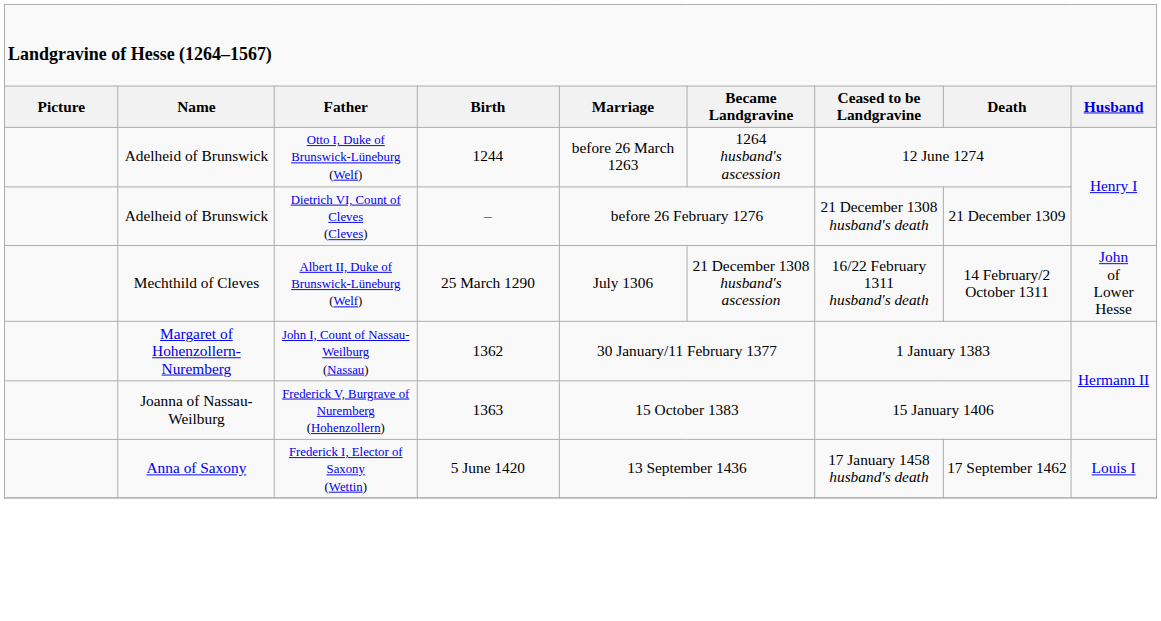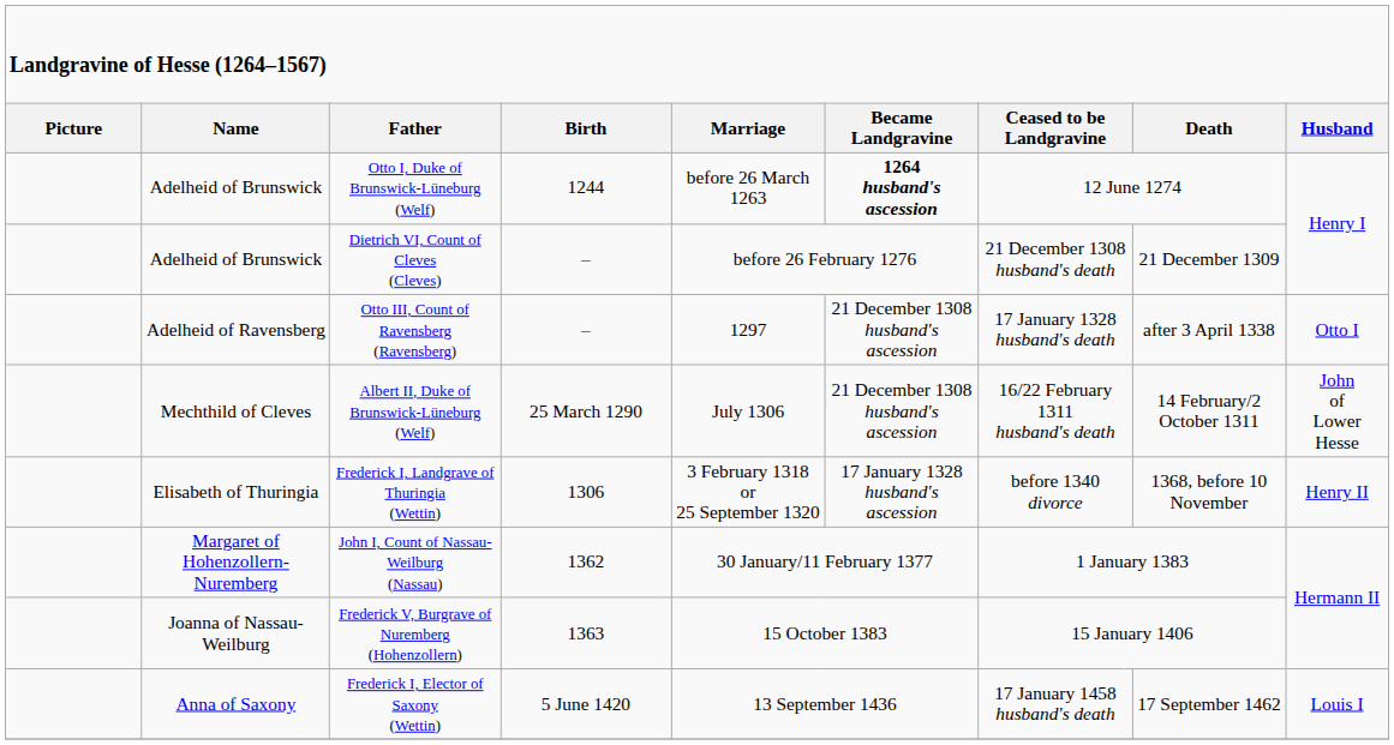 <table width=95% class="wikitable">
 <tr>
 <td colspan="9"><br><h3>Landgravine of Hesse (1264–1567)</h3></td>
 </tr>
 <tr>
 <th width = "8%">Picture</th>
 <th width = "11%">Name</th>
 <th width = "10%">Father</th>
 <th width = "10%">Birth</th>
 <th width = "9%">Marriage</th>
 <th width = "9%">Became Landgravine</th>
 <th width = "9%">Ceased to be Landgravine</th>
 <th width = "9%">Death</th>
 <th width = "6%"><a href='#'>Husband</a></th>
 </tr>
 <tr>
 <td align="center"></td>
 <td align="center">Adelheid of Brunswick</td>
 <td align="center"><small><a href='#'>Otto I, Duke of Brunswick-Lüneburg</a><br>(<a href='#'>Welf</a>)</small></td>
 <td align="center">1244</td>
 <td align="center">before 26 March 1263</td>
-<td align="center">1264<br><em>husband's ascession</em></td>
+<td align="center"><strong>1264<br><em>husband's ascession</em></strong></td>
 <td align="center" colspan="2">12 June 1274</td>
 <td align="center" rowspan="2"><a href='#'>Henry I</a></td>
 </tr>
 <tr>
 <td align="center"></td>
 <td align="center">Adelheid of Brunswick</td>
 <td align="center"><small><a href='#'>Dietrich VI, Count of Cleves</a><br>(<a href='#'>Cleves</a>)</small></td>
 <td align="center">–</td>
 <td align="center" colspan="2">before 26 February 1276</td>
 <td align="center">21 December 1308<br><em>husband's death</em></td>
 <td align="center">21 December 1309</td>
 </tr>
 <tr>
 <td align="center"></td>
+<td align="center">Adelheid of Ravensberg</td>
+<td align="center"><small><a href='#'>Otto III, Count of Ravensberg</a><br>(<a href='#'>Ravensberg</a>)</small></td>
+<td align="center">–</td>
+<td align="center">1297</td>
+<td align="center">21 December 1308<br><em>husband's ascession</em></td>
+<td align="center">17 January 1328<br><em>husband's death</em></td>
+<td align="center">after 3 April 1338</td>
+<td align="center"><a href='#'>Otto I</a></td>
+</tr>
+<tr>
+<td align="center"></td>
 <td align="center">Mechthild of Cleves</td>
 <td align="center"><small><a href='#'>Albert II, Duke of Brunswick-Lüneburg</a><br>(<a href='#'>Welf</a>)</small></td>
 <td align="center">25 March 1290</td>
 <td align="center">July 1306</td>
 <td align="center">21 December 1308<br><em>husband's ascession</em></td>
 <td align="center">16/22 February 1311<br><em>husband's death</em></td>
 <td align="center">14 February/2 October 1311</td>
 <td align="center"><a href='#'>John</a><br> of <br>Lower Hesse</td>
+</tr>
+<tr>
+<td align="center"></td>
+<td align="center">Elisabeth of Thuringia</td>
+<td align="center"><small><a href='#'>Frederick I, Landgrave of Thuringia</a><br>(<a href='#'>Wettin</a>)</small></td>
+<td align="center">1306</td>
+<td align="center">3 February 1318<br>or<br>25 September 1320</td>
+<td align="center">17 January 1328<br><em>husband's ascession</em></td>
+<td align="center">before 1340<br><em>divorce</em></td>
+<td align="center">1368, before 10 November</td>
+<td align="center"><a href='#'>Henry II</a></td>
 </tr>
 <tr>
 <td align="center"></td>
 <td align="center"><a href='#'>Margaret of Hohenzollern-Nuremberg</a></td>
 <td align="center"><small><a href='#'>John I, Count of Nassau-Weilburg</a><br>(<a href='#'>Nassau</a>)</small></td>
 <td align="center">1362</td>
 <td align="center" colspan="2">30 January/11 February 1377</td>
 <td align="center" colspan="2">1 January 1383</td>
 <td align="center" rowspan="2"><a href='#'>Hermann II</a></td>
 </tr>
 <tr>
 <td align="center"></td>
 <td align="center">Joanna of Nassau-Weilburg</td>
 <td align="center"><small><a href='#'>Frederick V, Burgrave of Nuremberg</a><br>(<a href='#'>Hohenzollern</a>)</small></td>
 <td align="center">1363</td>
 <td align="center" colspan="2">15 October 1383</td>
 <td align="center" colspan="2">15 January 1406</td>
 </tr>
 <tr>
 <td align="center"></td>
 <td align="center"><a href='#'>Anna of Saxony</a></td>
 <td align="center"><small><a href='#'>Frederick I, Elector of Saxony</a><br>(<a href='#'>Wettin</a>)</small></td>
 <td align="center">5 June 1420</td>
 <td align="center" colspan="2">13 September 1436</td>
 <td align="center">17 January 1458<br><em>husband's death</em></td>
 <td align="center">17 September 1462</td>
 <td align="center"><a href='#'>Louis I</a></td>
 </tr>
 <tr>
 </tr>
 </table>
